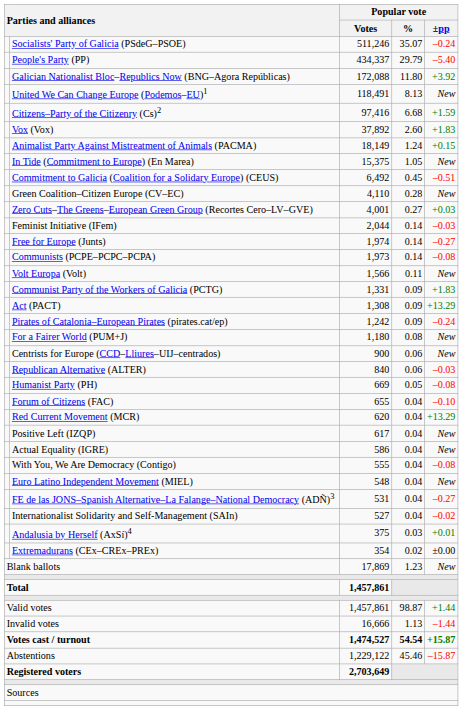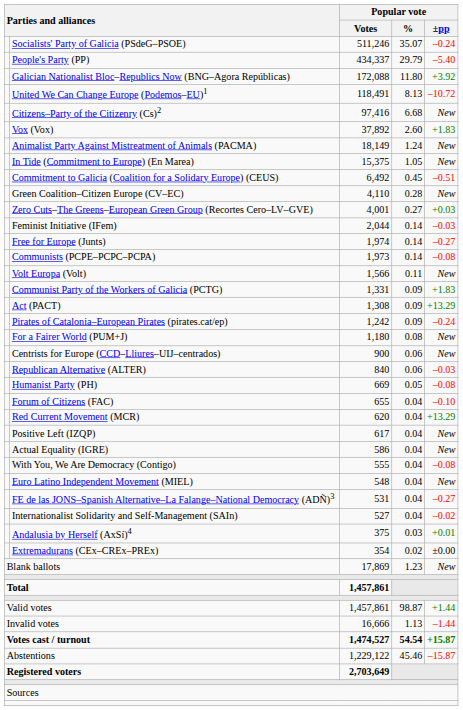 <table class="wikitable" style="text-align:right;">
 <tr>
 <th style="text-align:left;" rowspan="2" colspan="2" width="525">Parties and alliances</th>
 <th colspan="3">Popular vote</th>
 </tr>
 <tr>
 <th width="75">Votes</th>
 <th width="45">%</th>
 <th width="45">±<a href='#'>pp</a></th>
 </tr>
 <tr>
 <td width="1" style="color:inherit;background:"></td>
 <td align="left"><a href='#'>Socialists' Party of Galicia</a> (PSdeG–PSOE)</td>
 <td>511,246</td>
 <td>35.07</td>
 <td style="color:red;">–0.24</td>
 </tr>
 <tr>
 <td style="color:inherit;background:"></td>
 <td align="left"><a href='#'>People's Party</a> (PP)</td>
 <td>434,337</td>
 <td>29.79</td>
 <td style="color:red;">–5.40</td>
 </tr>
 <tr>
 <td style="color:inherit;background:"></td>
 <td align="left"><a href='#'>Galician Nationalist Bloc</a>–<a href='#'>Republics Now</a> (BNG–Agora Repúblicas)</td>
 <td>172,088</td>
 <td>11.80</td>
 <td style="color:green;">+3.92</td>
 </tr>
 <tr>
 <td style="color:inherit;background:"></td>
 <td align="left"><a href='#'>United We Can Change Europe</a> (<a href='#'>Podemos</a>–<a href='#'>EU</a>)<sup>1</sup></td>
 <td>118,491</td>
 <td>8.13</td>
-<td><em>New</em></td>
+<td style="color:red;">–10.72</td>
 </tr>
 <tr>
 <td style="color:inherit;background:"></td>
 <td align="left"><a href='#'>Citizens–Party of the Citizenry</a> (Cs)<sup>2</sup></td>
 <td>97,416</td>
 <td>6.68</td>
-<td style="color:green;">+1.59</td>
+<td><em>New</em></td>
 </tr>
 <tr>
 <td style="color:inherit;background:"></td>
 <td align="left"><a href='#'>Vox</a> (Vox)</td>
 <td>37,892</td>
 <td>2.60</td>
 <td style="color:green;">+1.83</td>
 </tr>
 <tr>
 <td style="color:inherit;background:"></td>
 <td align="left"><a href='#'>Animalist Party Against Mistreatment of Animals</a> (PACMA)</td>
 <td>18,149</td>
 <td>1.24</td>
-<td style="color:green;">+0.15</td>
+<td><em>New</em></td>
 </tr>
 <tr>
 <td style="color:inherit;background:"></td>
 <td align="left"><a href='#'>In Tide</a> (<a href='#'>Commitment to Europe</a>) (En Marea)</td>
 <td>15,375</td>
 <td>1.05</td>
 <td><em>New</em></td>
 </tr>
 <tr>
 <td style="color:inherit;background:"></td>
 <td align="left"><a href='#'>Commitment to Galicia</a> (<a href='#'>Coalition for a Solidary Europe</a>) (CEUS)</td>
 <td>6,492</td>
 <td>0.45</td>
 <td style="color:red;">–0.51</td>
 </tr>
 <tr>
 <td style="color:inherit;background:"></td>
 <td align="left">Green Coalition–Citizen Europe (CV–EC)</td>
 <td>4,110</td>
 <td>0.28</td>
 <td><em>New</em></td>
 </tr>
 <tr>
 <td style="color:inherit;background:"></td>
 <td align="left"><a href='#'>Zero Cuts</a>–<a href='#'>The Greens</a>–<a href='#'>European Green Group</a> (Recortes Cero–LV–GVE)</td>
 <td>4,001</td>
 <td>0.27</td>
 <td style="color:green;">+0.03</td>
 </tr>
 <tr>
 <td style="color:inherit;background:"></td>
 <td align="left">Feminist Initiative (IFem)</td>
 <td>2,044</td>
 <td>0.14</td>
 <td style="color:red;">–0.03</td>
 </tr>
 <tr>
 <td style="color:inherit;background:"></td>
 <td align="left"><a href='#'>Free for Europe</a> (Junts)</td>
 <td>1,974</td>
 <td>0.14</td>
 <td style="color:red;">–0.27</td>
 </tr>
 <tr>
 <td style="color:inherit;background:"></td>
 <td align="left"><a href='#'>Communists</a> (PCPE–PCPC–PCPA)</td>
 <td>1,973</td>
 <td>0.14</td>
 <td style="color:red;">–0.08</td>
 </tr>
 <tr>
 <td style="color:inherit;background:"></td>
 <td align="left"><a href='#'>Volt Europa</a> (Volt)</td>
 <td>1,566</td>
 <td>0.11</td>
 <td><em>New</em></td>
 </tr>
 <tr>
 <td style="color:inherit;background:"></td>
 <td align="left"><a href='#'>Communist Party of the Workers of Galicia</a> (PCTG)</td>
 <td>1,331</td>
 <td>0.09</td>
 <td style="color:green;">+1.83</td>
 </tr>
 <tr>
 <td style="color:inherit;background:"></td>
 <td align="left"><a href='#'>Act</a> (PACT)</td>
 <td>1,308</td>
 <td>0.09</td>
 <td style="color:green;">+13.29</td>
 </tr>
 <tr>
 <td style="color:inherit;background:"></td>
 <td align="left"><a href='#'>Pirates of Catalonia–European Pirates</a> (pirates.cat/ep)</td>
 <td>1,242</td>
 <td>0.09</td>
 <td style="color:red;">–0.24</td>
 </tr>
 <tr>
 <td style="color:inherit;background:"></td>
 <td align="left"><a href='#'>For a Fairer World</a> (PUM+J)</td>
 <td>1,180</td>
 <td>0.08</td>
 <td><em>New</em></td>
 </tr>
 <tr>
 <td style="color:inherit;background:"></td>
 <td align="left">Centrists for Europe (<a href='#'>CCD</a>–<a href='#'>Lliures</a>–UIJ–centrados)</td>
 <td>900</td>
 <td>0.06</td>
 <td><em>New</em></td>
 </tr>
 <tr>
 <td style="color:inherit;background:"></td>
 <td align="left"><a href='#'>Republican Alternative</a> (ALTER)</td>
 <td>840</td>
 <td>0.06</td>
 <td style="color:red;">–0.03</td>
 </tr>
 <tr>
 <td style="color:inherit;background:"></td>
 <td align="left"><a href='#'>Humanist Party</a> (PH)</td>
 <td>669</td>
 <td>0.05</td>
 <td style="color:red;">–0.08</td>
 </tr>
 <tr>
 <td style="color:inherit;background:"></td>
 <td align="left"><a href='#'>Forum of Citizens</a> (FAC)</td>
 <td>655</td>
 <td>0.04</td>
 <td style="color:red;">–0.10</td>
 </tr>
 <tr>
 <td style="color:inherit;background:"></td>
 <td align="left"><a href='#'>Red Current Movement</a> (MCR)</td>
 <td>620</td>
 <td>0.04</td>
 <td style="color:green;">+13.29</td>
 </tr>
 <tr>
 <td style="color:inherit;background:"></td>
 <td align="left">Positive Left (IZQP)</td>
 <td>617</td>
 <td>0.04</td>
 <td><em>New</em></td>
 </tr>
 <tr>
 <td style="color:inherit;background:"></td>
 <td align="left">Actual Equality (IGRE)</td>
 <td>586</td>
 <td>0.04</td>
 <td><em>New</em></td>
 </tr>
 <tr>
 <td style="color:inherit;background:"></td>
 <td align="left">With You, We Are Democracy (Contigo)</td>
 <td>555</td>
 <td>0.04</td>
 <td style="color:red;">–0.08</td>
 </tr>
 <tr>
 <td style="color:inherit;background:"></td>
 <td align="left"><a href='#'>Euro Latino Independent Movement</a> (MIEL)</td>
 <td>548</td>
 <td>0.04</td>
 <td><em>New</em></td>
 </tr>
 <tr>
 <td style="color:inherit;background:"></td>
 <td align="left"><a href='#'>FE de las JONS–Spanish Alternative–La Falange–National Democracy</a> (ADÑ)<sup>3</sup></td>
 <td>531</td>
 <td>0.04</td>
 <td style="color:red;">–0.27</td>
 </tr>
 <tr>
 <td style="color:inherit;background:"></td>
 <td align="left">Internationalist Solidarity and Self-Management (SAIn)</td>
 <td>527</td>
 <td>0.04</td>
 <td style="color:red;">–0.02</td>
 </tr>
 <tr>
 <td style="color:inherit;background:"></td>
 <td align="left"><a href='#'>Andalusia by Herself</a> (AxSí)<sup>4</sup></td>
 <td>375</td>
 <td>0.03</td>
 <td style="color:green;">+0.01</td>
 </tr>
 <tr>
 <td style="color:inherit;background:"></td>
 <td align="left"><a href='#'>Extremadurans</a> (CEx–CREx–PREx)</td>
 <td>354</td>
 <td>0.02</td>
 <td>±0.00</td>
 </tr>
 <tr>
 <td align="left" colspan="2">Blank ballots</td>
 <td>17,869</td>
 <td>1.23</td>
 <td><em>New</em></td>
 </tr>
 <tr>
 <td colspan="5" bgcolor="#E9E9E9"></td>
 </tr>
 <tr style="font-weight:bold;">
 <td align="left" colspan="2">Total</td>
 <td>1,457,861</td>
 <td bgcolor="#E9E9E9" colspan="2"></td>
 </tr>
 <tr>
 <td colspan="5" bgcolor="#E9E9E9"></td>
 </tr>
 <tr>
 <td align="left" colspan="2">Valid votes</td>
 <td>1,457,861</td>
 <td>98.87</td>
 <td style="color:green;">+1.44</td>
 </tr>
 <tr>
 <td align="left" colspan="2">Invalid votes</td>
 <td>16,666</td>
 <td>1.13</td>
 <td style="color:red;">–1.44</td>
 </tr>
 <tr style="font-weight:bold;">
 <td align="left" colspan="2">Votes cast / turnout</td>
 <td>1,474,527</td>
 <td>54.54</td>
 <td style="color:green;">+15.87</td>
 </tr>
 <tr>
 <td align="left" colspan="2">Abstentions</td>
 <td>1,229,122</td>
 <td>45.46</td>
 <td style="color:red;">–15.87</td>
 </tr>
 <tr style="font-weight:bold;">
 <td align="left" colspan="2">Registered voters</td>
 <td>2,703,649</td>
 <td bgcolor="#E9E9E9" colspan="2"></td>
 </tr>
 <tr>
 <td colspan="5" bgcolor="#E9E9E9"></td>
 </tr>
 <tr>
 <td align="left" colspan="5">Sources</td>
 </tr>
 <tr>
 <td colspan="5" style="text-align:left; max-width:680px;"></td>
 </tr>
 </table>
